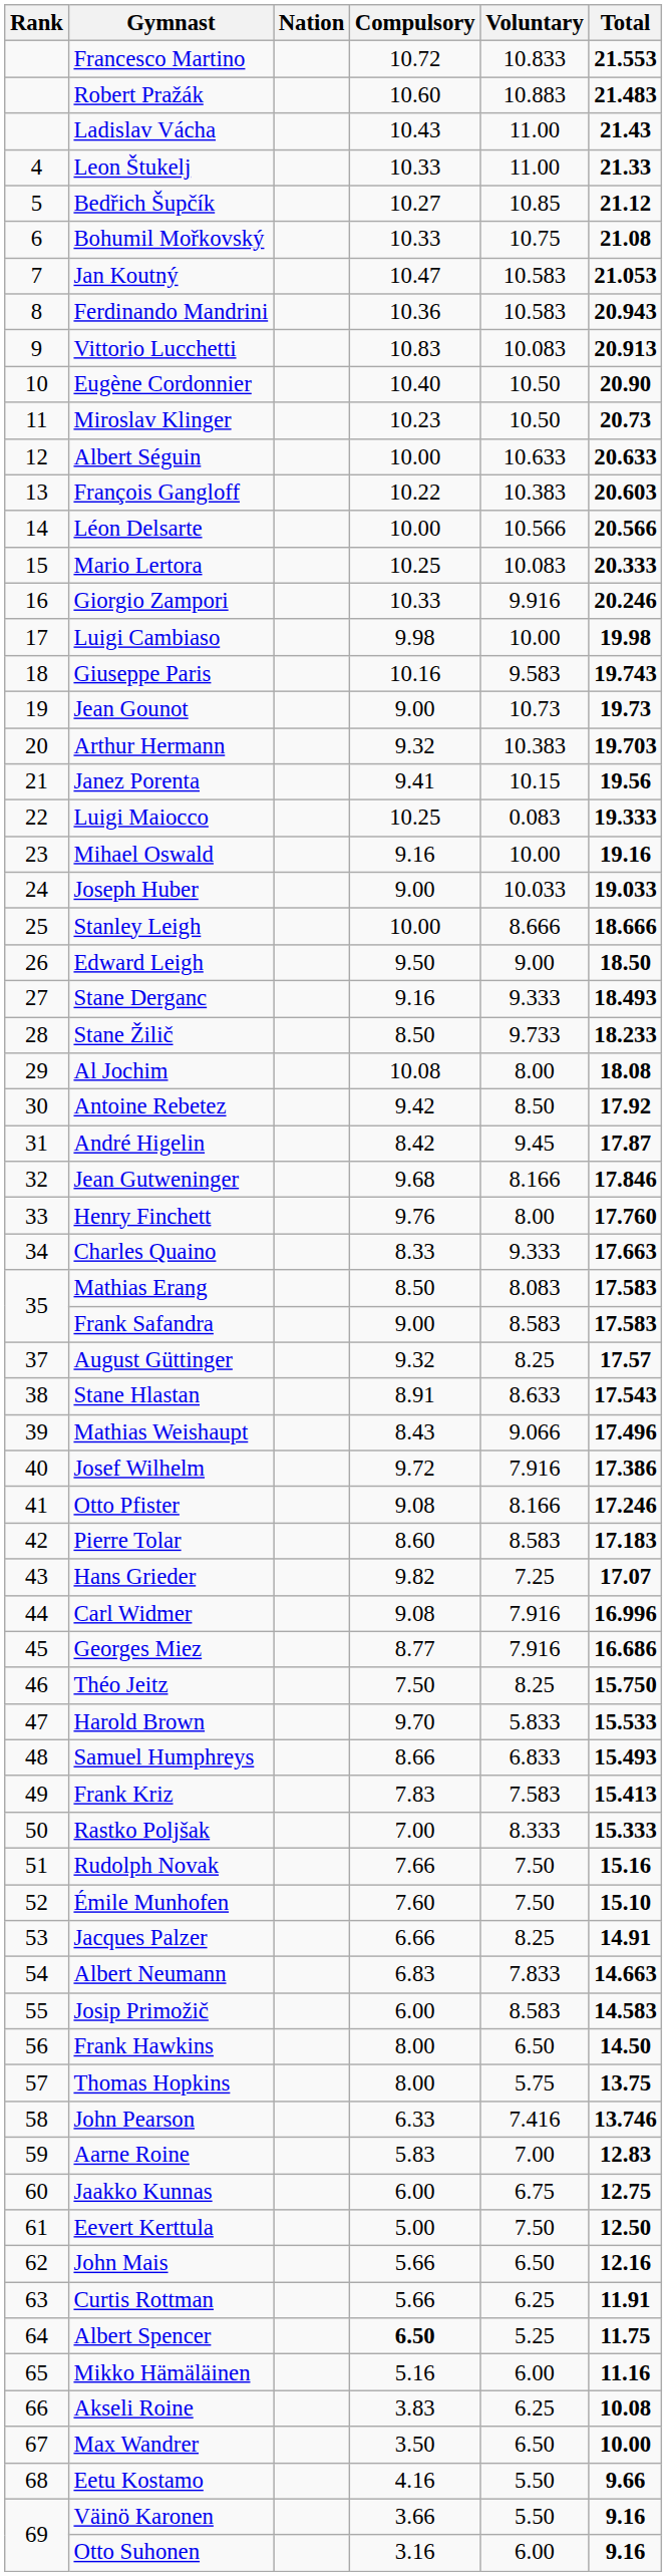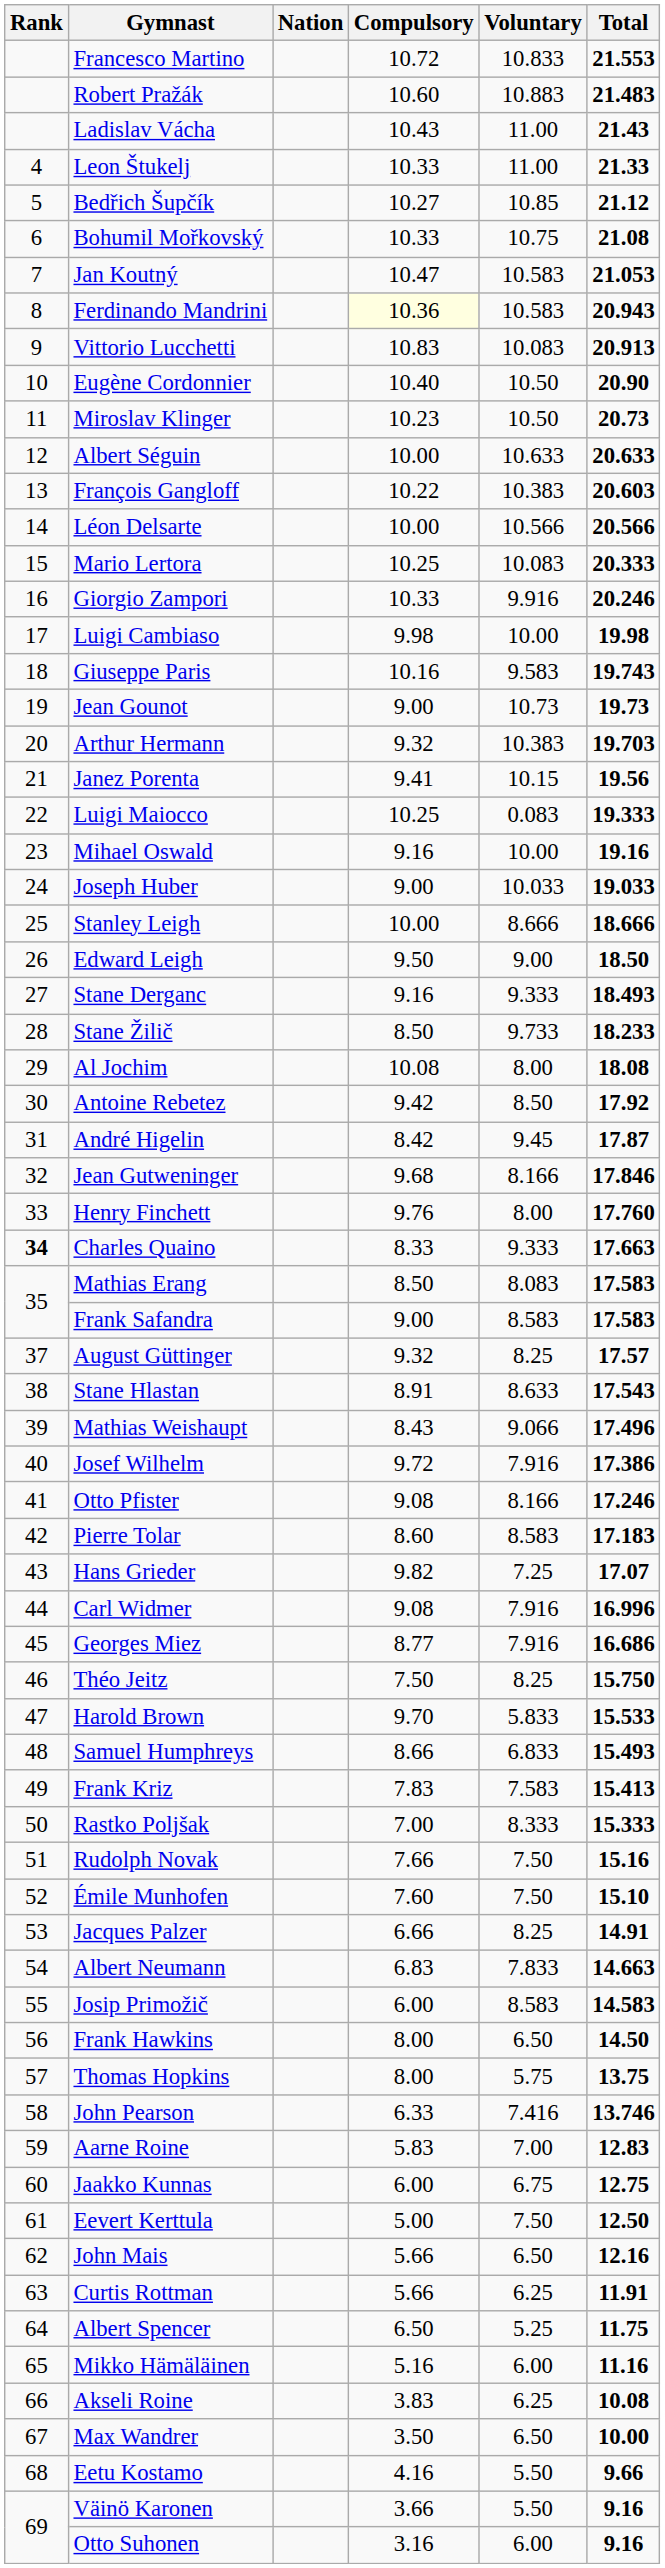 <table class="wikitable sortable" style="text-align:center">
 <tr>
 <th>Rank</th>
 <th>Gymnast</th>
 <th>Nation</th>
 <th>Compulsory</th>
 <th>Voluntary</th>
 <th>Total</th>
 </tr>
 <tr>
 <td></td>
 <td align=left><a href='#'>Francesco Martino</a></td>
 <td align=left></td>
 <td>10.72</td>
 <td>10.833</td>
 <td><strong>21.553</strong></td>
 </tr>
 <tr>
 <td></td>
 <td align=left><a href='#'>Robert Pražák</a></td>
 <td align=left></td>
 <td>10.60</td>
 <td>10.883</td>
 <td><strong>21.483</strong></td>
 </tr>
 <tr>
 <td></td>
 <td align=left><a href='#'>Ladislav Vácha</a></td>
 <td align=left></td>
 <td>10.43</td>
 <td>11.00</td>
 <td><strong>21.43</strong></td>
 </tr>
 <tr>
 <td>4</td>
 <td align=left><a href='#'>Leon Štukelj</a></td>
 <td align=left></td>
 <td>10.33</td>
 <td>11.00</td>
 <td><strong>21.33</strong></td>
 </tr>
 <tr>
 <td>5</td>
 <td align=left><a href='#'>Bedřich Šupčík</a></td>
 <td align=left></td>
 <td>10.27</td>
 <td>10.85</td>
 <td><strong>21.12</strong></td>
 </tr>
 <tr>
 <td>6</td>
 <td align=left><a href='#'>Bohumil Mořkovský</a></td>
 <td align=left></td>
 <td>10.33</td>
 <td>10.75</td>
 <td><strong>21.08</strong></td>
 </tr>
 <tr>
 <td>7</td>
 <td align=left><a href='#'>Jan Koutný</a></td>
 <td align=left></td>
 <td>10.47</td>
 <td>10.583</td>
 <td><strong>21.053</strong></td>
 </tr>
 <tr>
 <td>8</td>
 <td align=left><a href='#'>Ferdinando Mandrini</a></td>
 <td align=left></td>
-<td>10.36</td>
+<td style="background: lightyellow;">10.36</td>
 <td>10.583</td>
 <td><strong>20.943</strong></td>
 </tr>
 <tr>
 <td>9</td>
 <td align=left><a href='#'>Vittorio Lucchetti</a></td>
 <td align=left></td>
 <td>10.83</td>
 <td>10.083</td>
 <td><strong>20.913</strong></td>
 </tr>
 <tr>
 <td>10</td>
 <td align=left><a href='#'>Eugène Cordonnier</a></td>
 <td align=left></td>
 <td>10.40</td>
 <td>10.50</td>
 <td><strong>20.90</strong></td>
 </tr>
 <tr>
 <td>11</td>
 <td align=left><a href='#'>Miroslav Klinger</a></td>
 <td align=left></td>
 <td>10.23</td>
 <td>10.50</td>
 <td><strong>20.73</strong></td>
 </tr>
 <tr>
 <td>12</td>
 <td align=left><a href='#'>Albert Séguin</a></td>
 <td align=left></td>
 <td>10.00</td>
 <td>10.633</td>
 <td><strong>20.633</strong></td>
 </tr>
 <tr>
 <td>13</td>
 <td align=left><a href='#'>François Gangloff</a></td>
 <td align=left></td>
 <td>10.22</td>
 <td>10.383</td>
 <td><strong>20.603</strong></td>
 </tr>
 <tr>
 <td>14</td>
 <td align=left><a href='#'>Léon Delsarte</a></td>
 <td align=left></td>
 <td>10.00</td>
 <td>10.566</td>
 <td><strong>20.566</strong></td>
 </tr>
 <tr>
 <td>15</td>
 <td align=left><a href='#'>Mario Lertora</a></td>
 <td align=left></td>
 <td>10.25</td>
 <td>10.083</td>
 <td><strong>20.333</strong></td>
 </tr>
 <tr>
 <td>16</td>
 <td align=left><a href='#'>Giorgio Zampori</a></td>
 <td align=left></td>
 <td>10.33</td>
 <td>9.916</td>
 <td><strong>20.246</strong></td>
 </tr>
 <tr>
 <td>17</td>
 <td align=left><a href='#'>Luigi Cambiaso</a></td>
 <td align=left></td>
 <td>9.98</td>
 <td>10.00</td>
 <td><strong>19.98</strong></td>
 </tr>
 <tr>
 <td>18</td>
 <td align=left><a href='#'>Giuseppe Paris</a></td>
 <td align=left></td>
 <td>10.16</td>
 <td>9.583</td>
 <td><strong>19.743</strong></td>
 </tr>
 <tr>
 <td>19</td>
 <td align=left><a href='#'>Jean Gounot</a></td>
 <td align=left></td>
 <td>9.00</td>
 <td>10.73</td>
 <td><strong>19.73</strong></td>
 </tr>
 <tr>
 <td>20</td>
 <td align=left><a href='#'>Arthur Hermann</a></td>
 <td align=left></td>
 <td>9.32</td>
 <td>10.383</td>
 <td><strong>19.703</strong></td>
 </tr>
 <tr>
 <td>21</td>
 <td align=left><a href='#'>Janez Porenta</a></td>
 <td align=left></td>
 <td>9.41</td>
 <td>10.15</td>
 <td><strong>19.56</strong></td>
 </tr>
 <tr>
 <td>22</td>
 <td align=left><a href='#'>Luigi Maiocco</a></td>
 <td align=left></td>
 <td>10.25</td>
 <td>0.083</td>
 <td><strong>19.333</strong></td>
 </tr>
 <tr>
 <td>23</td>
 <td align=left><a href='#'>Mihael Oswald</a></td>
 <td align=left></td>
 <td>9.16</td>
 <td>10.00</td>
 <td><strong>19.16</strong></td>
 </tr>
 <tr>
 <td>24</td>
 <td align=left><a href='#'>Joseph Huber</a></td>
 <td align=left></td>
 <td>9.00</td>
 <td>10.033</td>
 <td><strong>19.033</strong></td>
 </tr>
 <tr>
 <td>25</td>
 <td align=left><a href='#'>Stanley Leigh</a></td>
 <td align=left></td>
 <td>10.00</td>
 <td>8.666</td>
 <td><strong>18.666</strong></td>
 </tr>
 <tr>
 <td>26</td>
 <td align=left><a href='#'>Edward Leigh</a></td>
 <td align=left></td>
 <td>9.50</td>
 <td>9.00</td>
 <td><strong>18.50</strong></td>
 </tr>
 <tr>
 <td>27</td>
 <td align=left><a href='#'>Stane Derganc</a></td>
 <td align=left></td>
 <td>9.16</td>
 <td>9.333</td>
 <td><strong>18.493</strong></td>
 </tr>
 <tr>
 <td>28</td>
 <td align=left><a href='#'>Stane Žilič</a></td>
 <td align=left></td>
 <td>8.50</td>
 <td>9.733</td>
 <td><strong>18.233</strong></td>
 </tr>
 <tr>
 <td>29</td>
 <td align=left><a href='#'>Al Jochim</a></td>
 <td align=left></td>
 <td>10.08</td>
 <td>8.00</td>
 <td><strong>18.08</strong></td>
 </tr>
 <tr>
 <td>30</td>
 <td align=left><a href='#'>Antoine Rebetez</a></td>
 <td align=left></td>
 <td>9.42</td>
 <td>8.50</td>
 <td><strong>17.92</strong></td>
 </tr>
 <tr>
 <td>31</td>
 <td align=left><a href='#'>André Higelin</a></td>
 <td align=left></td>
 <td>8.42</td>
 <td>9.45</td>
 <td><strong>17.87</strong></td>
 </tr>
 <tr>
 <td>32</td>
 <td align=left><a href='#'>Jean Gutweninger</a></td>
 <td align=left></td>
 <td>9.68</td>
 <td>8.166</td>
 <td><strong>17.846</strong></td>
 </tr>
 <tr>
 <td>33</td>
 <td align=left><a href='#'>Henry Finchett</a></td>
 <td align=left></td>
 <td>9.76</td>
 <td>8.00</td>
 <td><strong>17.760</strong></td>
 </tr>
 <tr>
-<td>34</td>
+<td><strong>34</strong></td>
 <td align=left><a href='#'>Charles Quaino</a></td>
 <td align=left></td>
 <td>8.33</td>
 <td>9.333</td>
 <td><strong>17.663</strong></td>
 </tr>
 <tr>
 <td rowspan=2>35</td>
 <td align=left><a href='#'>Mathias Erang</a></td>
 <td align=left></td>
 <td>8.50</td>
 <td>8.083</td>
 <td><strong>17.583</strong></td>
 </tr>
 <tr>
 <td align=left><a href='#'>Frank Safandra</a></td>
 <td align=left></td>
 <td>9.00</td>
 <td>8.583</td>
 <td><strong>17.583</strong></td>
 </tr>
 <tr>
 <td>37</td>
 <td align=left><a href='#'>August Güttinger</a></td>
 <td align=left></td>
 <td>9.32</td>
 <td>8.25</td>
 <td><strong>17.57</strong></td>
 </tr>
 <tr>
 <td>38</td>
 <td align=left><a href='#'>Stane Hlastan</a></td>
 <td align=left></td>
 <td>8.91</td>
 <td>8.633</td>
 <td><strong>17.543</strong></td>
 </tr>
 <tr>
 <td>39</td>
 <td align=left><a href='#'>Mathias Weishaupt</a></td>
 <td align=left></td>
 <td>8.43</td>
 <td>9.066</td>
 <td><strong>17.496</strong></td>
 </tr>
 <tr>
 <td>40</td>
 <td align=left><a href='#'>Josef Wilhelm</a></td>
 <td align=left></td>
 <td>9.72</td>
 <td>7.916</td>
 <td><strong>17.386</strong></td>
 </tr>
 <tr>
 <td>41</td>
 <td align=left><a href='#'>Otto Pfister</a></td>
 <td align=left></td>
 <td>9.08</td>
 <td>8.166</td>
 <td><strong>17.246</strong></td>
 </tr>
 <tr>
 <td>42</td>
 <td align=left><a href='#'>Pierre Tolar</a></td>
 <td align=left></td>
 <td>8.60</td>
 <td>8.583</td>
 <td><strong>17.183</strong></td>
 </tr>
 <tr>
 <td>43</td>
 <td align=left><a href='#'>Hans Grieder</a></td>
 <td align=left></td>
 <td>9.82</td>
 <td>7.25</td>
 <td><strong>17.07</strong></td>
 </tr>
 <tr>
 <td>44</td>
 <td align=left><a href='#'>Carl Widmer</a></td>
 <td align=left></td>
 <td>9.08</td>
 <td>7.916</td>
 <td><strong>16.996</strong></td>
 </tr>
 <tr>
 <td>45</td>
 <td align=left><a href='#'>Georges Miez</a></td>
 <td align=left></td>
 <td>8.77</td>
 <td>7.916</td>
 <td><strong>16.686</strong></td>
 </tr>
 <tr>
 <td>46</td>
 <td align=left><a href='#'>Théo Jeitz</a></td>
 <td align=left></td>
 <td>7.50</td>
 <td>8.25</td>
 <td><strong>15.750</strong></td>
 </tr>
 <tr>
 <td>47</td>
 <td align=left><a href='#'>Harold Brown</a></td>
 <td align=left></td>
 <td>9.70</td>
 <td>5.833</td>
 <td><strong>15.533</strong></td>
 </tr>
 <tr>
 <td>48</td>
 <td align=left><a href='#'>Samuel Humphreys</a></td>
 <td align=left></td>
 <td>8.66</td>
 <td>6.833</td>
 <td><strong>15.493</strong></td>
 </tr>
 <tr>
 <td>49</td>
 <td align=left><a href='#'>Frank Kriz</a></td>
 <td align=left></td>
 <td>7.83</td>
 <td>7.583</td>
 <td><strong>15.413</strong></td>
 </tr>
 <tr>
 <td>50</td>
 <td align=left><a href='#'>Rastko Poljšak</a></td>
 <td align=left></td>
 <td>7.00</td>
 <td>8.333</td>
 <td><strong>15.333</strong></td>
 </tr>
 <tr>
 <td>51</td>
 <td align=left><a href='#'>Rudolph Novak</a></td>
 <td align=left></td>
 <td>7.66</td>
 <td>7.50</td>
 <td><strong>15.16</strong></td>
 </tr>
 <tr>
 <td>52</td>
 <td align=left><a href='#'>Émile Munhofen</a></td>
 <td align=left></td>
 <td>7.60</td>
 <td>7.50</td>
 <td><strong>15.10</strong></td>
 </tr>
 <tr>
 <td>53</td>
 <td align=left><a href='#'>Jacques Palzer</a></td>
 <td align=left></td>
 <td>6.66</td>
 <td>8.25</td>
 <td><strong>14.91</strong></td>
 </tr>
 <tr>
 <td>54</td>
 <td align=left><a href='#'>Albert Neumann</a></td>
 <td align=left></td>
 <td>6.83</td>
 <td>7.833</td>
 <td><strong>14.663</strong></td>
 </tr>
 <tr>
 <td>55</td>
 <td align=left><a href='#'>Josip Primožič</a></td>
 <td align=left></td>
 <td>6.00</td>
 <td>8.583</td>
 <td><strong>14.583</strong></td>
 </tr>
 <tr>
 <td>56</td>
 <td align=left><a href='#'>Frank Hawkins</a></td>
 <td align=left></td>
 <td>8.00</td>
 <td>6.50</td>
 <td><strong>14.50</strong></td>
 </tr>
 <tr>
 <td>57</td>
 <td align=left><a href='#'>Thomas Hopkins</a></td>
 <td align=left></td>
 <td>8.00</td>
 <td>5.75</td>
 <td><strong>13.75</strong></td>
 </tr>
 <tr>
 <td>58</td>
 <td align=left><a href='#'>John Pearson</a></td>
 <td align=left></td>
 <td>6.33</td>
 <td>7.416</td>
 <td><strong>13.746</strong></td>
 </tr>
 <tr>
 <td>59</td>
 <td align=left><a href='#'>Aarne Roine</a></td>
 <td align=left></td>
 <td>5.83</td>
 <td>7.00</td>
 <td><strong>12.83</strong></td>
 </tr>
 <tr>
 <td>60</td>
 <td align=left><a href='#'>Jaakko Kunnas</a></td>
 <td align=left></td>
 <td>6.00</td>
 <td>6.75</td>
 <td><strong>12.75</strong></td>
 </tr>
 <tr>
 <td>61</td>
 <td align=left><a href='#'>Eevert Kerttula</a></td>
 <td align=left></td>
 <td>5.00</td>
 <td>7.50</td>
 <td><strong>12.50</strong></td>
 </tr>
 <tr>
 <td>62</td>
 <td align=left><a href='#'>John Mais</a></td>
 <td align=left></td>
 <td>5.66</td>
 <td>6.50</td>
 <td><strong>12.16</strong></td>
 </tr>
 <tr>
 <td>63</td>
 <td align=left><a href='#'>Curtis Rottman</a></td>
 <td align=left></td>
 <td>5.66</td>
 <td>6.25</td>
 <td><strong>11.91</strong></td>
 </tr>
 <tr>
 <td>64</td>
 <td align=left><a href='#'>Albert Spencer</a></td>
 <td align=left></td>
-<td><strong>6.50</strong></td>
+<td>6.50</td>
 <td>5.25</td>
 <td><strong>11.75</strong></td>
 </tr>
 <tr>
 <td>65</td>
 <td align=left><a href='#'>Mikko Hämäläinen</a></td>
 <td align=left></td>
 <td>5.16</td>
 <td>6.00</td>
 <td><strong>11.16</strong></td>
 </tr>
 <tr>
 <td>66</td>
 <td align=left><a href='#'>Akseli Roine</a></td>
 <td align=left></td>
 <td>3.83</td>
 <td>6.25</td>
 <td><strong>10.08</strong></td>
 </tr>
 <tr>
 <td>67</td>
 <td align=left><a href='#'>Max Wandrer</a></td>
 <td align=left></td>
 <td>3.50</td>
 <td>6.50</td>
 <td><strong>10.00</strong></td>
 </tr>
 <tr>
 <td>68</td>
 <td align=left><a href='#'>Eetu Kostamo</a></td>
 <td align=left></td>
 <td>4.16</td>
 <td>5.50</td>
 <td><strong>9.66</strong></td>
 </tr>
 <tr>
 <td rowspan=2>69</td>
 <td align=left><a href='#'>Väinö Karonen</a></td>
 <td align=left></td>
 <td>3.66</td>
 <td>5.50</td>
 <td><strong>9.16</strong></td>
 </tr>
 <tr>
 <td align=left><a href='#'>Otto Suhonen</a></td>
 <td align=left></td>
 <td>3.16</td>
 <td>6.00</td>
 <td><strong>9.16</strong></td>
 </tr>
 </table>
